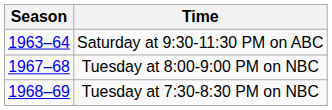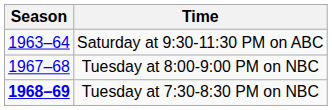 <table class="wikitable" style=text-align:center>
 <tr>
 <th>Season</th>
 <th>Time</th>
 </tr>
 <tr>
 <td><a href='#'>1963–64</a></td>
 <td>Saturday at 9:30-11:30 PM on ABC</td>
 </tr>
 <tr>
 <td><a href='#'>1967–68</a></td>
 <td>Tuesday at 8:00-9:00 PM on NBC</td>
 </tr>
 <tr>
-<td><a href='#'>1968–69</a></td>
+<td><strong><a href='#'>1968–69</a></strong></td>
 <td>Tuesday at 7:30-8:30 PM on NBC</td>
 </tr>
 </table>
